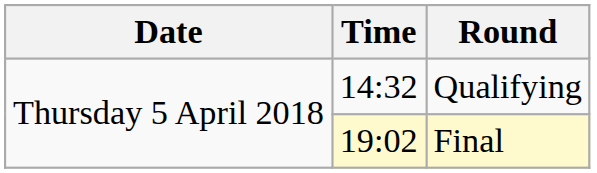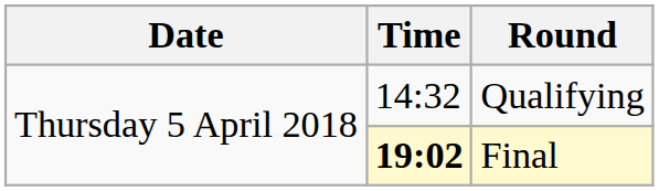 <table class="wikitable">
 <tr>
 <th>Date</th>
 <th>Time</th>
 <th>Round</th>
 </tr>
 <tr>
 <td rowspan=2>Thursday 5 April 2018</td>
 <td>14:32</td>
 <td>Qualifying</td>
 </tr>
 <tr>
-<td style=background:lemonchiffon>19:02</td>
+<td style=background:lemonchiffon><strong>19:02</strong></td>
 <td style=background:lemonchiffon>Final</td>
 </tr>
 </table>
